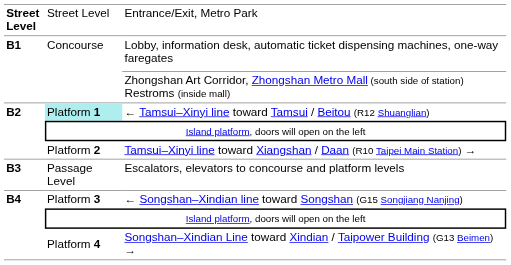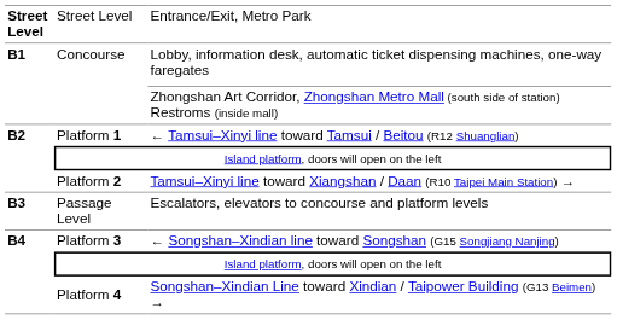 <table table border=0 cellspacing=0 cellpadding=3>
 <tr>
 <td style="border-bottom:solid 1px gray;border-top:solid 1px gray;" width=50 valign=top><strong>Street Level</strong></td>
 <td style="border-top:solid 1px gray;border-bottom:solid 1px gray;" width=100 valign=top>Street Level</td>
 <td style="border-top:solid 1px gray;border-bottom:solid 1px gray;" width=520 valign=top>Entrance/Exit, Metro Park</td>
 </tr>
 <tr>
 <td style="border-bottom:solid 1px gray;" rowspan=3 valign=top><strong>B1</strong></td>
 <td style="border-bottom:solid 1px gray;" rowspan=3 valign=top>Concourse</td>
 <td width=390>Lobby, information desk, automatic ticket dispensing machines, one-way faregates</td>
 </tr>
 <tr>
 <td style="border-bottom:solid 1px gray;"></td>
 </tr>
 <tr>
 <td style="border-bottom:solid 1px gray;">Zhongshan Art Corridor, <a href='#'>Zhongshan Metro Mall</a><small> (south side of station)</small><br>Restroms <small>(inside mall)</small></td>
 </tr>
 <tr>
 <td style="border-bottom:solid 1px gray;" rowspan=3 valign=top><strong>B2</strong></td>
-<td style="background: paleturquoise;">Platform <span><strong>1</strong></span></td>
+<td>Platform <span><strong>1</strong></span></td>
 <td>←  <a href='#'>Tamsui–Xinyi line</a> toward <a href='#'>Tamsui</a> / <a href='#'>Beitou</a> <small>(R12 <a href='#'>Shuanglian</a>)</small></td>
 </tr>
 <tr>
 <td style="border-top:solid 2px black;border-right:solid 2px black;border-left:solid 2px black;border-bottom:solid 2px black;text-align:center;" colspan=2><small><a href='#'>Island platform</a>, doors will open on the left</small></td>
 </tr>
 <tr>
 <td style="border-bottom:solid 1px gray;">Platform <span><strong>2</strong></span></td>
 <td style="border-bottom:solid 1px gray;">  <a href='#'>Tamsui–Xinyi line</a> toward <a href='#'>Xiangshan</a> / <a href='#'>Daan</a> <small>(R10 <a href='#'>Taipei Main Station</a>)</small> →</td>
 </tr>
 <tr>
 <td style="border-bottom:solid 1px gray;border-top:solid 0px gray;" width=50 valign=top><strong>B3</strong></td>
 <td style="border-top:solid 0px gray;border-bottom:solid 1px gray;" width=100 valign=top>Passage Level</td>
 <td style="border-top:solid 0px gray;border-bottom:solid 1px gray;" width=390 valign=top>Escalators, elevators to concourse and platform levels</td>
 </tr>
 <tr>
 <td style="border-bottom:solid 1px gray;" rowspan=3 valign=top><strong>B4</strong></td>
 <td>Platform <span><strong>3</strong></span></td>
 <td>←  <a href='#'>Songshan–Xindian line</a> toward <a href='#'>Songshan</a> <small>(G15 <a href='#'>Songjiang Nanjing</a>)</small></td>
 </tr>
 <tr>
 <td style="border-top:solid 2px black;border-right:solid 2px black;border-left:solid 2px black;border-bottom:solid 2px black;text-align:center;" colspan=2><small><a href='#'>Island platform</a>, doors will open on the left</small></td>
 </tr>
 <tr>
 <td style="border-bottom:solid 1px gray;">Platform <span><strong>4</strong></span></td>
 <td style="border-bottom:solid 1px gray;">  <a href='#'>Songshan–Xindian Line</a> toward <a href='#'>Xindian</a> / <a href='#'>Taipower Building</a> <small>(G13 <a href='#'>Beimen</a>)</small> →</td>
 </tr>
 </table>
